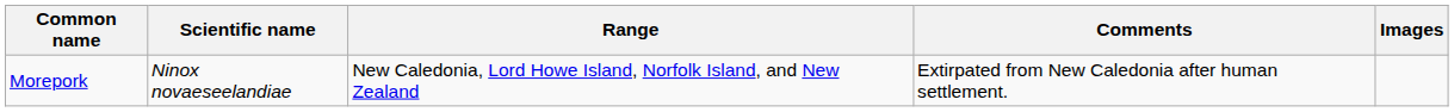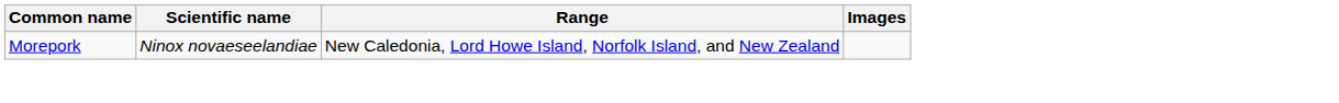 <table class="wikitable">
 <tr>
 <th>Common name</th>
 <th>Scientific name</th>
 <th>Range</th>
-<th class="unsortable">Comments</th>
 <th>Images</th>
 </tr>
 <tr>
 <td><a href='#'>Morepork</a></td>
 <td><em>Ninox novaeseelandiae</em></td>
 <td>New Caledonia, <a href='#'>Lord Howe Island</a>, <a href='#'>Norfolk Island</a>, and <a href='#'>New Zealand</a></td>
-<td>Extirpated from New Caledonia after human settlement.</td>
 <td></td>
 </tr>
 </table>
